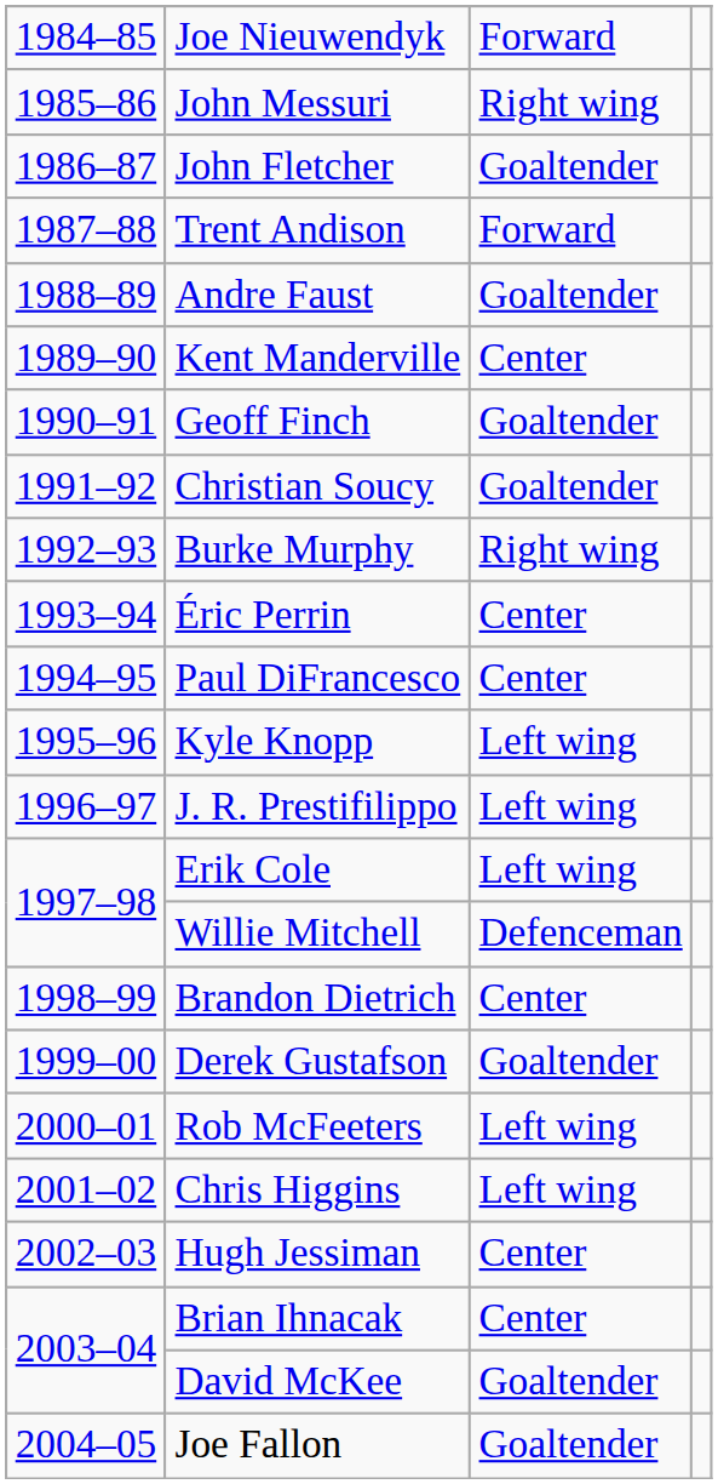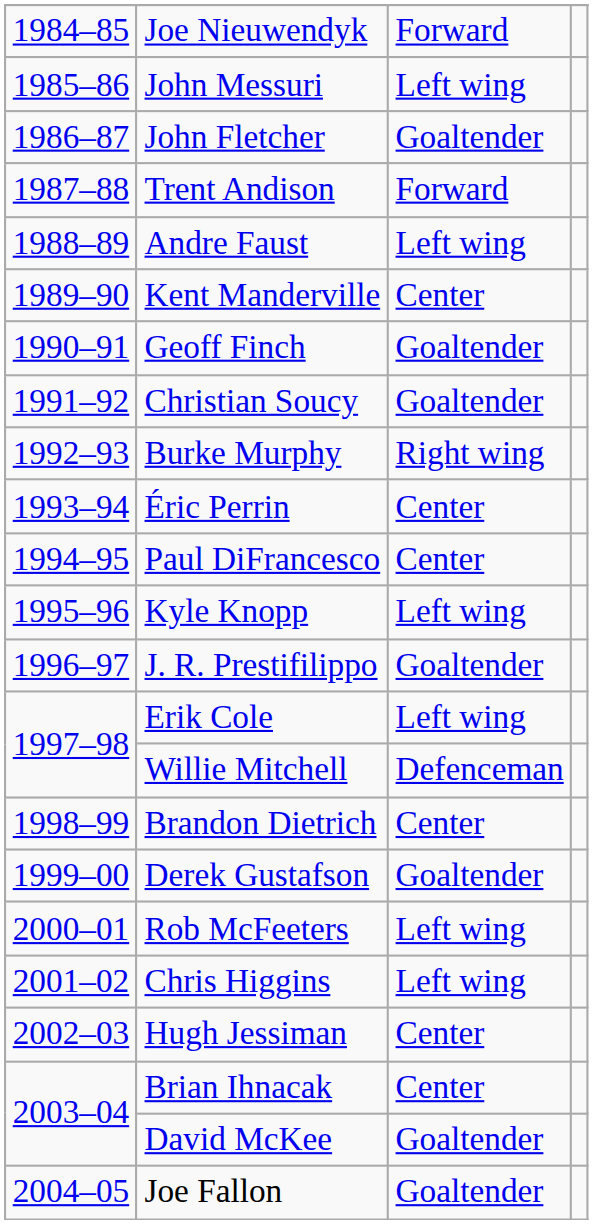 <table class="wikitable sortable">
 <tr>
 </tr>
 <tr>
 <td><a href='#'>1984–85</a></td>
 <td><a href='#'>Joe Nieuwendyk</a></td>
 <td><a href='#'>Forward</a></td>
 <td><strong><a href='#'></a></strong></td>
 </tr>
 <tr>
 <td><a href='#'>1985–86</a></td>
 <td><a href='#'>John Messuri</a></td>
-<td><a href='#'>Right wing</a></td>
+<td><a href='#'>Left wing</a></td>
 <td><strong><a href='#'></a></strong></td>
 </tr>
 <tr>
 <td><a href='#'>1986–87</a></td>
 <td><a href='#'>John Fletcher</a></td>
 <td><a href='#'>Goaltender</a></td>
 <td><strong><a href='#'></a></strong></td>
 </tr>
 <tr>
 <td><a href='#'>1987–88</a></td>
 <td><a href='#'>Trent Andison</a></td>
 <td><a href='#'>Forward</a></td>
 <td><strong><a href='#'></a></strong></td>
 </tr>
 <tr>
 <td><a href='#'>1988–89</a></td>
 <td><a href='#'>Andre Faust</a></td>
-<td><a href='#'>Goaltender</a></td>
+<td><a href='#'>Left wing</a></td>
 <td><strong><a href='#'></a></strong></td>
 </tr>
 <tr>
 <td><a href='#'>1989–90</a></td>
 <td><a href='#'>Kent Manderville</a></td>
 <td><a href='#'>Center</a></td>
 <td><strong><a href='#'></a></strong></td>
 </tr>
 <tr>
 <td><a href='#'>1990–91</a></td>
 <td><a href='#'>Geoff Finch</a></td>
 <td><a href='#'>Goaltender</a></td>
 <td><strong><a href='#'></a></strong></td>
 </tr>
 <tr>
 <td><a href='#'>1991–92</a></td>
 <td><a href='#'>Christian Soucy</a></td>
 <td><a href='#'>Goaltender</a></td>
 <td><strong><a href='#'></a></strong></td>
 </tr>
 <tr>
 <td><a href='#'>1992–93</a></td>
 <td><a href='#'>Burke Murphy</a></td>
 <td><a href='#'>Right wing</a></td>
 <td><strong><a href='#'></a></strong></td>
 </tr>
 <tr>
 <td><a href='#'>1993–94</a></td>
 <td><a href='#'>Éric Perrin</a></td>
 <td><a href='#'>Center</a></td>
 <td><strong><a href='#'></a></strong></td>
 </tr>
 <tr>
 <td><a href='#'>1994–95</a></td>
 <td><a href='#'>Paul DiFrancesco</a></td>
 <td><a href='#'>Center</a></td>
 <td><strong><a href='#'></a></strong></td>
 </tr>
 <tr>
 <td><a href='#'>1995–96</a></td>
 <td><a href='#'>Kyle Knopp</a></td>
 <td><a href='#'>Left wing</a></td>
 <td><strong><a href='#'></a></strong></td>
 </tr>
 <tr>
 <td><a href='#'>1996–97</a></td>
 <td><a href='#'>J. R. Prestifilippo</a></td>
-<td><a href='#'>Left wing</a></td>
+<td><a href='#'>Goaltender</a></td>
 <td><strong><a href='#'></a></strong></td>
 </tr>
 <tr>
 <td rowspan=2><a href='#'>1997–98</a></td>
 <td><a href='#'>Erik Cole</a></td>
 <td><a href='#'>Left wing</a></td>
 <td><strong><a href='#'></a></strong></td>
 </tr>
 <tr>
 <td><a href='#'>Willie Mitchell</a></td>
 <td><a href='#'>Defenceman</a></td>
 <td><strong><a href='#'></a></strong></td>
 </tr>
 <tr>
 <td><a href='#'>1998–99</a></td>
 <td><a href='#'>Brandon Dietrich</a></td>
 <td><a href='#'>Center</a></td>
 <td><strong><a href='#'></a></strong></td>
 </tr>
 <tr>
 <td><a href='#'>1999–00</a></td>
 <td><a href='#'>Derek Gustafson</a></td>
 <td><a href='#'>Goaltender</a></td>
 <td><strong><a href='#'></a></strong></td>
 </tr>
 <tr>
 <td><a href='#'>2000–01</a></td>
 <td><a href='#'>Rob McFeeters</a></td>
 <td><a href='#'>Left wing</a></td>
 <td><strong><a href='#'></a></strong></td>
 </tr>
 <tr>
 <td><a href='#'>2001–02</a></td>
 <td><a href='#'>Chris Higgins</a></td>
 <td><a href='#'>Left wing</a></td>
 <td><strong><a href='#'></a></strong></td>
 </tr>
 <tr>
 <td><a href='#'>2002–03</a></td>
 <td><a href='#'>Hugh Jessiman</a></td>
 <td><a href='#'>Center</a></td>
 <td><strong><a href='#'></a></strong></td>
 </tr>
 <tr>
 <td rowspan=2><a href='#'>2003–04</a></td>
 <td><a href='#'>Brian Ihnacak</a></td>
 <td><a href='#'>Center</a></td>
 <td><strong><a href='#'></a></strong></td>
 </tr>
 <tr>
 <td><a href='#'>David McKee</a></td>
 <td><a href='#'>Goaltender</a></td>
 <td><strong><a href='#'></a></strong></td>
 </tr>
 <tr>
 <td><a href='#'>2004–05</a></td>
 <td>Joe Fallon</td>
 <td><a href='#'>Goaltender</a></td>
 <td><strong><a href='#'></a></strong></td>
 </tr>
 <tr>
 </tr>
 </table>
